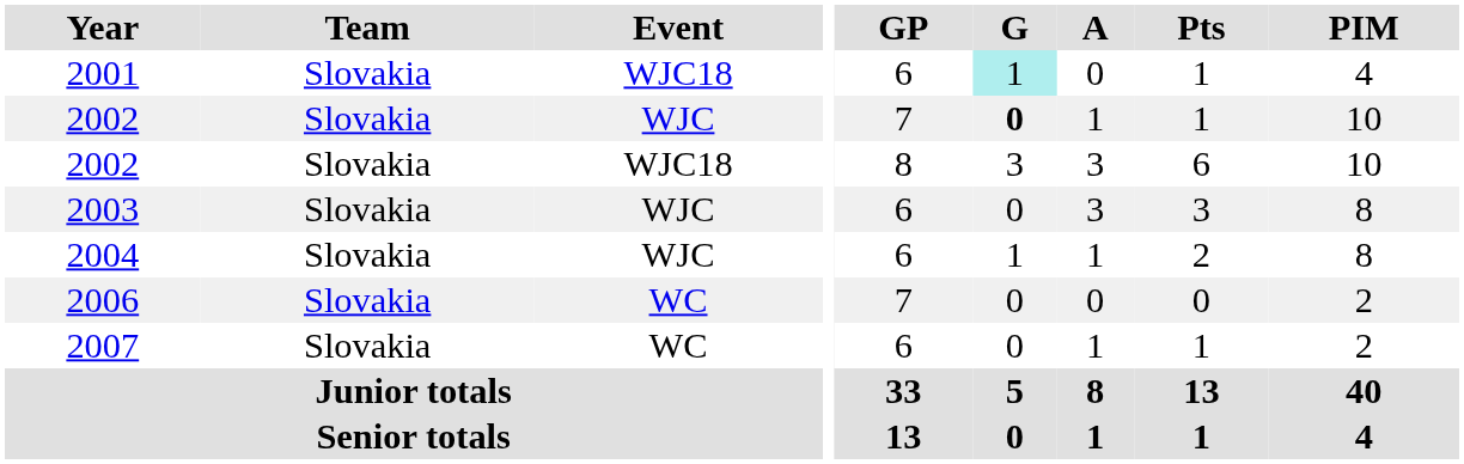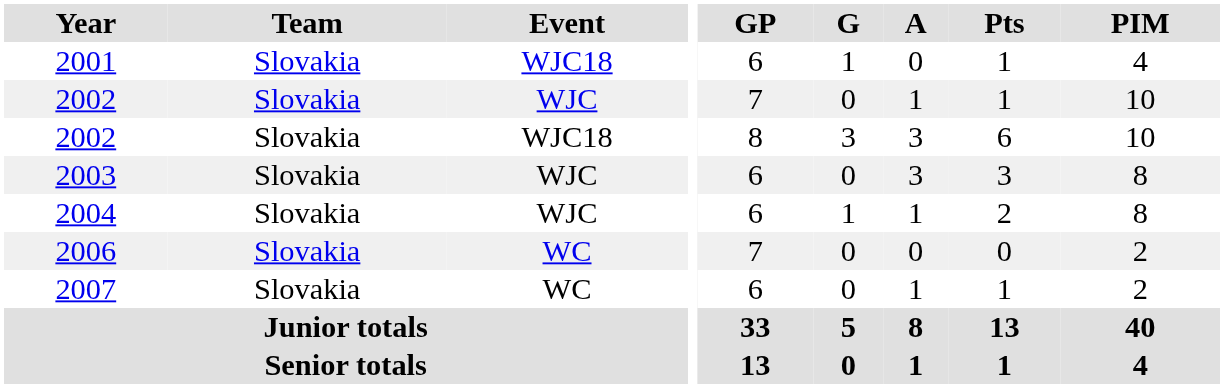 <table border="0" cellpadding="1" cellspacing="0" ID="Table3" style="text-align:center; width:40em">
 <tr ALIGN="center" bgcolor="#e0e0e0">
 <th>Year</th>
 <th>Team</th>
 <th>Event</th>
 <th rowspan="99" bgcolor="#ffffff"></th>
 <th>GP</th>
 <th>G</th>
 <th>A</th>
 <th>Pts</th>
 <th>PIM</th>
 </tr>
 <tr>
 <td><a href='#'>2001</a></td>
 <td><a href='#'>Slovakia</a></td>
 <td><a href='#'>WJC18</a></td>
 <td>6</td>
-<td style="background: paleturquoise;">1</td>
+<td>1</td>
 <td>0</td>
 <td>1</td>
 <td>4</td>
 </tr>
 <tr bgcolor="#f0f0f0">
 <td><a href='#'>2002</a></td>
 <td><a href='#'>Slovakia</a></td>
 <td><a href='#'>WJC</a></td>
 <td>7</td>
-<td><strong>0</strong></td>
+<td>0</td>
 <td>1</td>
 <td>1</td>
 <td>10</td>
 </tr>
 <tr>
 <td><a href='#'>2002</a></td>
 <td>Slovakia</td>
 <td>WJC18</td>
 <td>8</td>
 <td>3</td>
 <td>3</td>
 <td>6</td>
 <td>10</td>
 </tr>
 <tr bgcolor="#f0f0f0">
 <td><a href='#'>2003</a></td>
 <td>Slovakia</td>
 <td>WJC</td>
 <td>6</td>
 <td>0</td>
 <td>3</td>
 <td>3</td>
 <td>8</td>
 </tr>
 <tr>
 <td><a href='#'>2004</a></td>
 <td>Slovakia</td>
 <td>WJC</td>
 <td>6</td>
 <td>1</td>
 <td>1</td>
 <td>2</td>
 <td>8</td>
 </tr>
 <tr bgcolor="#f0f0f0">
 <td><a href='#'>2006</a></td>
 <td><a href='#'>Slovakia</a></td>
 <td><a href='#'>WC</a></td>
 <td>7</td>
 <td>0</td>
 <td>0</td>
 <td>0</td>
 <td>2</td>
 </tr>
 <tr>
 <td><a href='#'>2007</a></td>
 <td>Slovakia</td>
 <td>WC</td>
 <td>6</td>
 <td>0</td>
 <td>1</td>
 <td>1</td>
 <td>2</td>
 </tr>
 <tr bgcolor="#e0e0e0">
 <th colspan="3">Junior totals</th>
 <th>33</th>
 <th>5</th>
 <th>8</th>
 <th>13</th>
 <th>40</th>
 </tr>
 <tr bgcolor="#e0e0e0">
 <th colspan="3">Senior totals</th>
 <th>13</th>
 <th>0</th>
 <th>1</th>
 <th>1</th>
 <th>4</th>
 </tr>
 </table>
